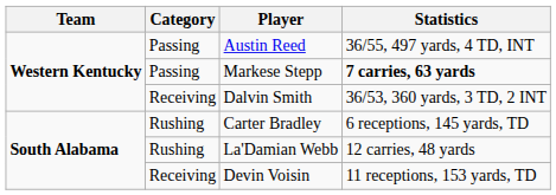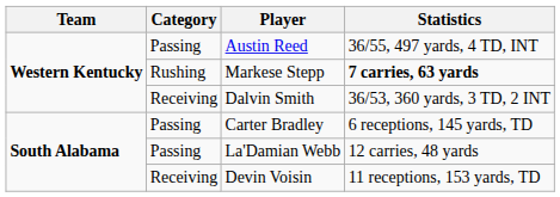 <table class="wikitable" style="float: right;">
 <tr>
 <th>Team</th>
 <th>Category</th>
 <th>Player</th>
 <th>Statistics</th>
 </tr>
 <tr>
 <td rowspan=3><strong>Western Kentucky</strong></td>
 <td>Passing</td>
 <td><a href='#'>Austin Reed</a></td>
 <td>36/55, 497 yards, 4 TD, INT</td>
 </tr>
 <tr>
-<td>Passing</td>
+<td>Rushing</td>
 <td>Markese Stepp</td>
 <td><strong>7 carries, 63 yards</strong></td>
 </tr>
 <tr>
 <td>Receiving</td>
 <td>Dalvin Smith</td>
 <td>36/53, 360 yards, 3 TD, 2 INT</td>
 </tr>
 <tr>
 <td rowspan=3><strong>South Alabama</strong></td>
-<td>Rushing</td>
+<td>Passing</td>
 <td>Carter Bradley</td>
 <td>6 receptions, 145 yards, TD</td>
 </tr>
 <tr>
-<td>Rushing</td>
+<td>Passing</td>
 <td>La'Damian Webb</td>
 <td>12 carries, 48 yards</td>
 </tr>
 <tr>
 <td>Receiving</td>
 <td>Devin Voisin</td>
 <td>11 receptions, 153 yards, TD</td>
 </tr>
 </table>
